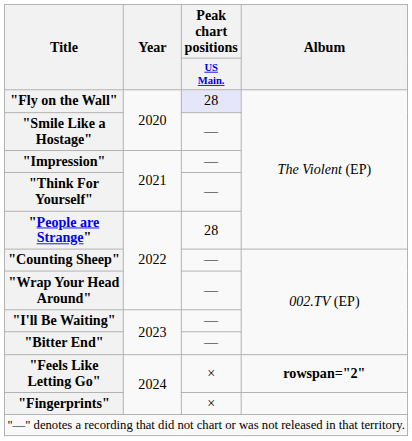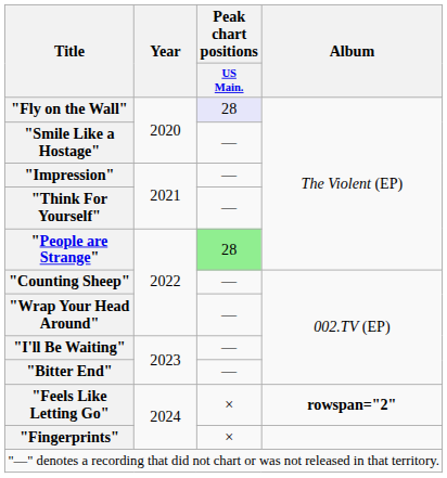 <table class="wikitable plainrowheaders" style="text-align:center;">
 <tr>
 <th scope="col" rowspan="2" style="width:8em;">Title</th>
 <th scope="col" rowspan="2">Year</th>
 <th scope="col" colspan="1">Peak chart positions</th>
 <th scope="col" rowspan="2">Album</th>
 </tr>
 <tr>
 <th style="width:4em;font-size:75%"><a href='#'>US<br>Main.</a></th>
 </tr>
 <tr>
 <th scope="row">"Fly on the Wall"</th>
 <td rowspan="2">2020</td>
 <td style="background: lavender;">28</td>
 <td rowspan="5"><em>The Violent</em> (EP)</td>
 </tr>
 <tr>
 <th scope="row">"Smile Like a Hostage"</th>
 <td>―</td>
 </tr>
 <tr>
 <th scope="row">"Impression"</th>
 <td rowspan="2">2021</td>
 <td>―</td>
 </tr>
 <tr>
 <th scope="row">"Think For Yourself"</th>
 <td>―</td>
 </tr>
 <tr>
 <th scope="row">"<a href='#'>People are Strange</a>"</th>
 <td rowspan="3">2022</td>
-<td>28</td>
+<td style="background: lightgreen;">28</td>
 </tr>
 <tr>
 <th scope="row">"Counting Sheep"</th>
 <td>―</td>
 <td rowspan="4"><em>002.TV</em> (EP)</td>
 </tr>
 <tr>
 <th scope="row">"Wrap Your Head Around"</th>
 <td>―</td>
 </tr>
 <tr>
 <th scope="row">"I'll Be Waiting"</th>
 <td rowspan="2">2023</td>
 <td>―</td>
 </tr>
 <tr>
 <th scope="row">"Bitter End"</th>
 <td>―</td>
 </tr>
 <tr>
 <th scope="row">"Feels Like Letting Go"</th>
 <td rowspan="2">2024</td>
 <td>×</td>
 <td><strong>rowspan="2" </strong></td>
 </tr>
 <tr>
 <th scope="row">"Fingerprints"</th>
 <td>×</td>
 </tr>
 <tr>
 <td colspan="8" style="font-size:90%">"—" denotes a recording that did not chart or was not released in that territory.</td>
 </tr>
 </table>
